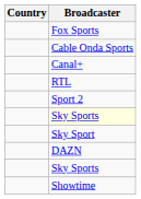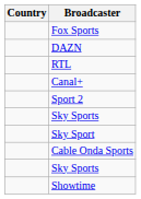 <table class="wikitable">
 <tr>
 <th align=center>Country</th>
 <th align=center>Broadcaster</th>
 </tr>
 <tr>
 <td></td>
 <td><a href='#'>Fox Sports</a></td>
 </tr>
 <tr>
 <td></td>
-<td><a href='#'>Cable Onda Sports</a></td>
+<td><a href='#'>DAZN</a></td>
+</tr>
+<tr>
+<td></td>
+<td><a href='#'>RTL</a></td>
 </tr>
 <tr>
 <td></td>
 <td><a href='#'>Canal+</a></td>
 </tr>
 <tr>
 <td></td>
-<td><a href='#'>RTL</a></td>
-</tr>
-<tr>
-<td></td>
 <td><a href='#'>Sport 2</a></td>
 </tr>
 <tr>
 <td></td>
-<td style="background: lightyellow;"><a href='#'>Sky Sports</a></td>
+<td><a href='#'>Sky Sports</a></td>
 </tr>
 <tr>
 <td></td>
 <td><a href='#'>Sky Sport</a></td>
 </tr>
 <tr>
 <td></td>
-<td><a href='#'>DAZN</a></td>
+<td><a href='#'>Cable Onda Sports</a></td>
 </tr>
 <tr>
 <td></td>
 <td><a href='#'>Sky Sports</a></td>
 </tr>
 <tr>
 <td></td>
 <td><a href='#'>Showtime</a></td>
 </tr>
 </table>
